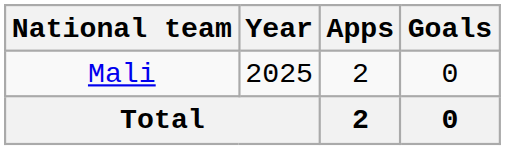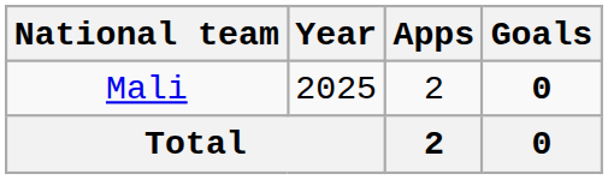 <table class="wikitable" style="text-align: center;">
 <tr>
 <th>National team</th>
 <th>Year</th>
 <th>Apps</th>
 <th>Goals</th>
 </tr>
 <tr>
 <td rowspan="1"><a href='#'>Mali</a></td>
 <td>2025</td>
 <td>2</td>
-<td>0</td>
+<td><strong>0</strong></td>
 </tr>
 <tr>
 <th colspan="2">Total</th>
 <th>2</th>
 <th>0</th>
 </tr>
 </table>
